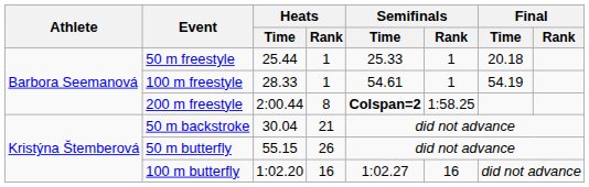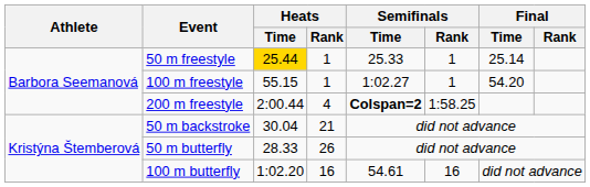 <table class=wikitable style="font-size:90%">
 <tr>
 <th rowspan=2>Athlete</th>
 <th rowspan=2>Event</th>
 <th colspan=2>Heats</th>
 <th colspan=2>Semifinals</th>
 <th colspan=2>Final</th>
 </tr>
 <tr style="font-size:95%">
 <th>Time</th>
 <th>Rank</th>
 <th>Time</th>
 <th>Rank</th>
 <th>Time</th>
 <th>Rank</th>
 </tr>
 <tr align=center>
 <td rowspan=3 align=left><a href='#'>Barbora Seemanová</a></td>
 <td align=left><a href='#'>50 m freestyle</a></td>
-<td>25.44</td>
+<td style="background: gold;">25.44</td>
 <td>1</td>
 <td>25.33</td>
 <td>1</td>
-<td>20.18</td>
+<td>25.14</td>
 <td></td>
 </tr>
 <tr align=center>
 <td align=left><a href='#'>100 m freestyle</a></td>
-<td>28.33</td>
+<td>55.15</td>
 <td>1</td>
-<td>54.61</td>
+<td>1:02.27</td>
 <td>1</td>
-<td>54.19</td>
+<td>54.20</td>
 <td></td>
 </tr>
 <tr align=center>
 <td align=left><a href='#'>200 m freestyle</a></td>
 <td>2:00.44</td>
-<td>8</td>
+<td>4</td>
 <td><strong>Colspan=2 </strong></td>
 <td>1:58.25</td>
 <td></td>
 </tr>
 <tr align=center>
 <td rowspan=3 align=left><a href='#'>Kristýna Štemberová</a></td>
 <td align=left><a href='#'>50 m backstroke</a></td>
 <td>30.04</td>
 <td>21</td>
 <td Colspan=4><em>did not advance</em></td>
 </tr>
 <tr align=center>
 <td align=left><a href='#'>50 m butterfly</a></td>
-<td>55.15</td>
+<td>28.33</td>
 <td>26</td>
 <td Colspan=4><em>did not advance</em></td>
 </tr>
 <tr align=center>
 <td align=left><a href='#'>100 m butterfly</a></td>
 <td>1:02.20</td>
 <td>16</td>
-<td>1:02.27</td>
+<td>54.61</td>
 <td>16</td>
 <td Colspan=2><em>did not advance</em></td>
 </tr>
 </table>
